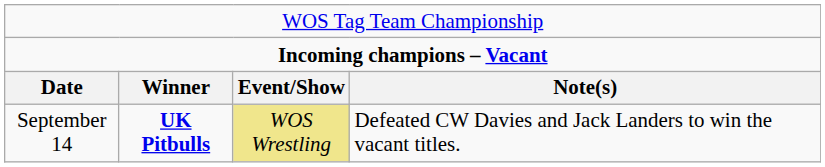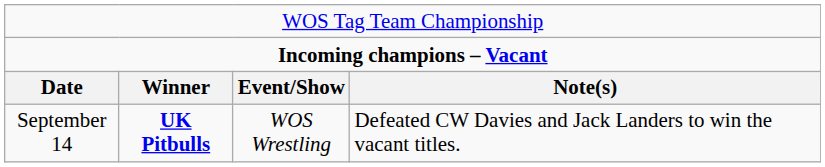 <table class="wikitable" style="text-align:center; width:100%;">
 <tr>
 <td colspan="4" style="text-align: center;"><a href='#'>WOS Tag Team Championship</a></td>
 </tr>
 <tr>
 <td colspan="4" style="text-align: center;"><strong>Incoming champions – <a href='#'>Vacant</a></strong></td>
 </tr>
 <tr>
 <th width=14%>Date</th>
 <th width=14%>Winner</th>
 <th width=14%>Event/Show</th>
 <th width=58%>Note(s)</th>
 </tr>
 <tr>
 <td>September 14<br></td>
 <td><strong><a href='#'>UK Pitbulls</a><br></strong></td>
-<td style="background: khaki;"><em>WOS Wrestling</em></td>
+<td><em>WOS Wrestling</em></td>
 <td align=left>Defeated CW Davies and Jack Landers to win the vacant titles.</td>
 </tr>
 </table>
